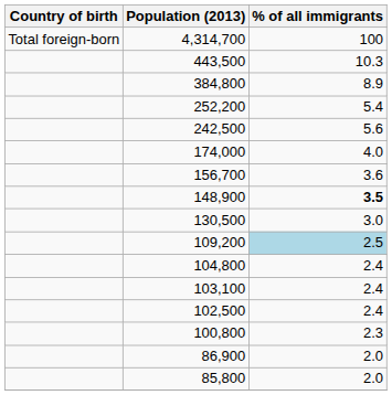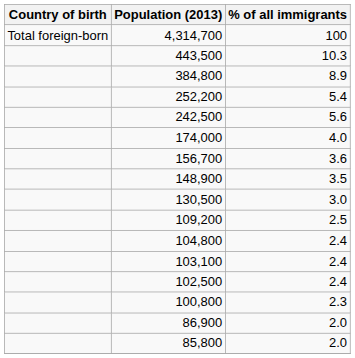 <table class="wikitable sortable" style="text-align:right">
 <tr>
 <th style="text-align:center">Country of birth</th>
 <th style="text-align:center">Population (2013)</th>
 <th style="text-align:center">% of all immigrants</th>
 </tr>
 <tr>
 <td style="text-align:left">Total foreign-born</td>
 <td>4,314,700</td>
 <td>100</td>
 </tr>
 <tr>
 <td style="text-align:left"></td>
 <td>443,500</td>
 <td>10.3</td>
 </tr>
 <tr>
 <td style="text-align:left"></td>
 <td>384,800</td>
 <td>8.9</td>
 </tr>
 <tr>
 <td style="text-align:left"></td>
 <td>252,200</td>
 <td>5.4</td>
 </tr>
 <tr>
 <td style="text-align:left"></td>
 <td>242,500</td>
 <td>5.6</td>
 </tr>
 <tr>
 <td style="text-align:left"></td>
 <td>174,000</td>
 <td>4.0</td>
 </tr>
 <tr>
 <td style="text-align:left"></td>
 <td>156,700</td>
 <td>3.6</td>
 </tr>
 <tr>
 <td style="text-align:left"></td>
 <td>148,900</td>
-<td><strong>3.5</strong></td>
+<td>3.5</td>
 </tr>
 <tr>
 <td style="text-align:left"></td>
 <td>130,500</td>
 <td>3.0</td>
 </tr>
 <tr>
 <td style="text-align:left"></td>
 <td>109,200</td>
-<td style="background: lightblue;">2.5</td>
+<td>2.5</td>
 </tr>
 <tr>
 <td style="text-align:left"></td>
 <td>104,800</td>
 <td>2.4</td>
 </tr>
 <tr>
 <td style="text-align:left"></td>
 <td>103,100</td>
 <td>2.4</td>
 </tr>
 <tr>
 <td style="text-align:left"></td>
 <td>102,500</td>
 <td>2.4</td>
 </tr>
 <tr>
 <td style="text-align:left"></td>
 <td>100,800</td>
 <td>2.3</td>
 </tr>
 <tr>
 <td style="text-align:left"></td>
 <td>86,900</td>
 <td>2.0</td>
 </tr>
 <tr>
 <td style="text-align:left"></td>
 <td>85,800</td>
 <td>2.0</td>
 </tr>
 <tr>
 </tr>
 </table>
